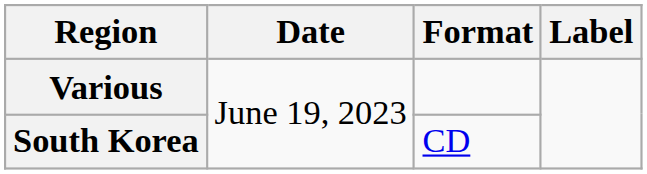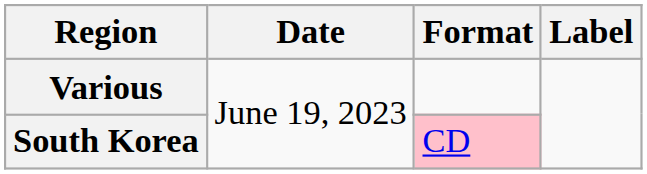 <table class="wikitable plainrowheaders">
 <tr>
 <th>Region</th>
 <th>Date</th>
 <th>Format</th>
 <th>Label</th>
 </tr>
 <tr>
 <th scope="row">Various</th>
 <td rowspan="2">June 19, 2023</td>
 <td></td>
 <td rowspan="2"></td>
 </tr>
 <tr>
 <th scope="row">South Korea</th>
-<td><a href='#'>CD</a></td>
+<td style="background: pink;"><a href='#'>CD</a></td>
 </tr>
 </table>
